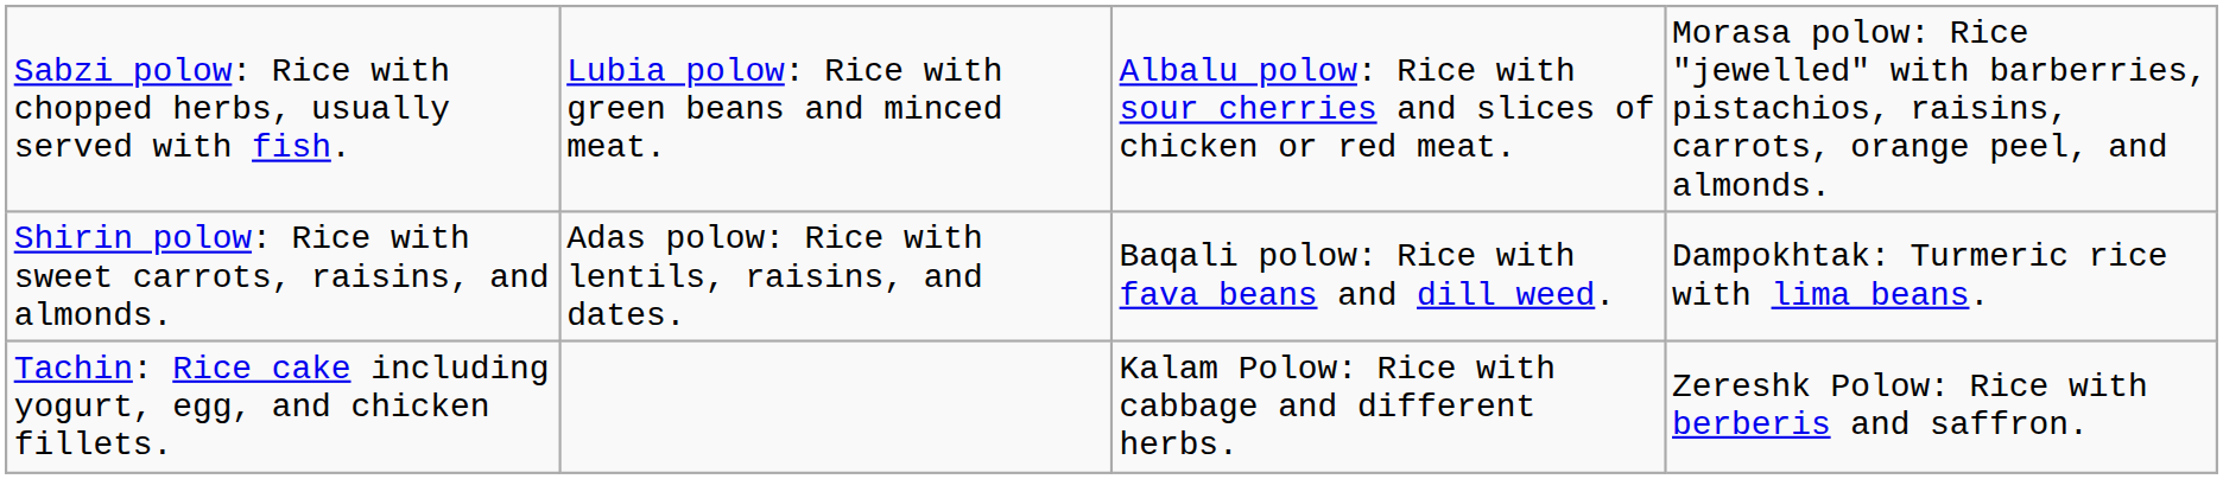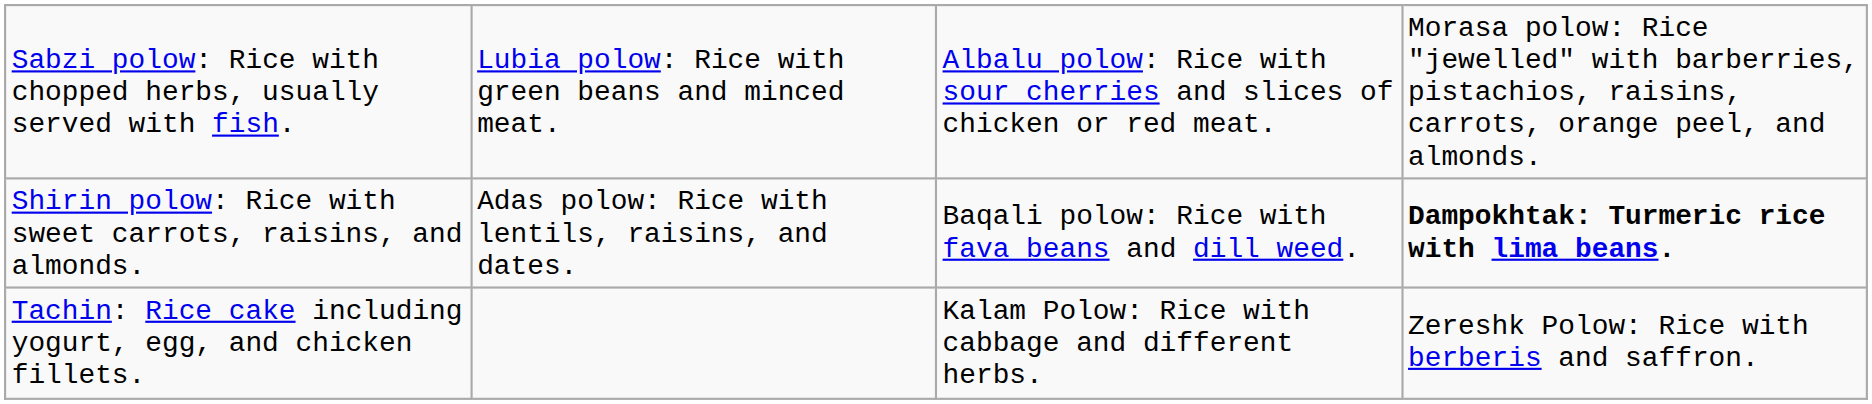 <table class="wikitable">
 <tr>
 <td style="width: 20%;"><a href='#'>Sabzi polow</a>: Rice with chopped herbs, usually served with <a href='#'>fish</a>.</td>
 <td style="width: 20%;"><a href='#'>Lubia polow</a>: Rice with green beans and minced meat.</td>
 <td style="width: 20%;"><a href='#'>Albalu polow</a>: Rice with <a href='#'>sour cherries</a> and slices of chicken or red meat.</td>
 <td style="width: 20%;">Morasa polow: Rice "jewelled" with barberries, pistachios, raisins, carrots, orange peel, and almonds.</td>
 </tr>
 <tr>
 <td><a href='#'>Shirin polow</a>: Rice with sweet carrots, raisins, and almonds.</td>
 <td>Adas polow: Rice with lentils, raisins, and dates.</td>
 <td>Baqali polow: Rice with <a href='#'>fava beans</a> and <a href='#'>dill weed</a>.</td>
-<td>Dampokhtak: Turmeric rice with <a href='#'>lima beans</a>.</td>
+<td><strong>Dampokhtak: Turmeric rice with <a href='#'>lima beans</a>.</strong></td>
 </tr>
 <tr>
 <td><a href='#'>Tachin</a>: <a href='#'>Rice cake</a> including yogurt, egg, and chicken fillets.</td>
 <td></td>
 <td>Kalam Polow: Rice with cabbage and different herbs.</td>
 <td>Zereshk Polow: Rice with <a href='#'>berberis</a> and saffron.</td>
 </tr>
 </table>
